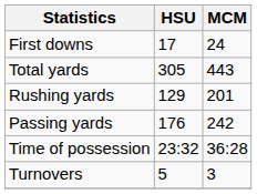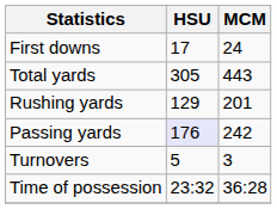 <table class="wikitable">
 <tr>
 <th>Statistics</th>
 <th>HSU</th>
 <th>MCM</th>
 </tr>
 <tr>
 <td>First downs</td>
 <td>17</td>
 <td>24</td>
 </tr>
 <tr>
 <td>Total yards</td>
 <td>305</td>
 <td>443</td>
 </tr>
 <tr>
 <td>Rushing yards</td>
 <td>129</td>
 <td>201</td>
 </tr>
 <tr>
 <td>Passing yards</td>
-<td>176</td>
+<td style="background: lavender;">176</td>
 <td>242</td>
+</tr>
+<tr>
+<td>Turnovers</td>
+<td>5</td>
+<td>3</td>
 </tr>
 <tr>
 <td>Time of possession</td>
 <td>23:32</td>
 <td>36:28</td>
 </tr>
 <tr>
-<td>Turnovers</td>
-<td>5</td>
-<td>3</td>
-</tr>
-<tr>
 </tr>
 </table>
